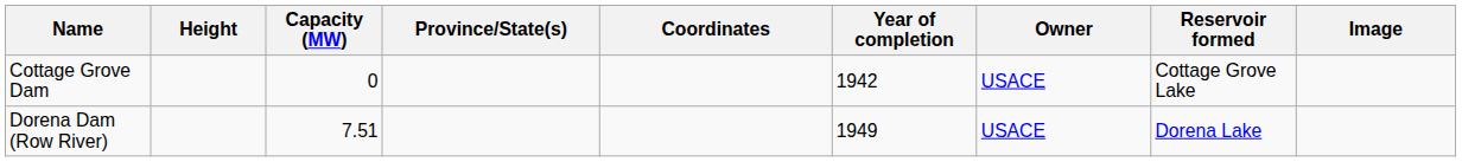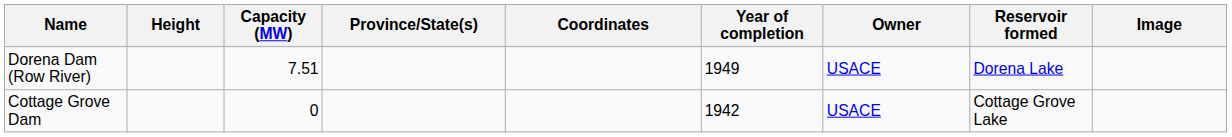 <table class="wikitable sortable" border="1">
 <tr>
 <th width="10%">Name</th>
 <th width="8%">Height</th>
 <th width="8%">Capacity (<a href='#'>MW</a>)</th>
 <th width="15%">Province/State(s)</th>
 <th width="16%">Coordinates</th>
 <th width="10%">Year of completion</th>
 <th width="12%">Owner</th>
 <th width="10%">Reservoir formed</th>
 <th>Image</th>
 </tr>
 <tr>
+<td>Dorena Dam (Row River)</td>
+<td></td>
+<td align="right">7.51</td>
+<td></td>
+<td></td>
+<td>1949</td>
+<td><a href='#'>USACE</a></td>
+<td><a href='#'>Dorena Lake</a></td>
+<td></td>
+</tr>
+<tr>
 <td>Cottage Grove Dam</td>
 <td></td>
 <td align="right">0</td>
 <td></td>
 <td></td>
 <td>1942</td>
 <td><a href='#'>USACE</a></td>
 <td>Cottage Grove Lake</td>
 <td></td>
 </tr>
-<tr>
-<td>Dorena Dam (Row River)</td>
-<td></td>
-<td align="right">7.51</td>
-<td></td>
-<td></td>
-<td>1949</td>
-<td><a href='#'>USACE</a></td>
-<td><a href='#'>Dorena Lake</a></td>
-<td></td>
-</tr>
 </table>
